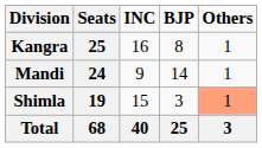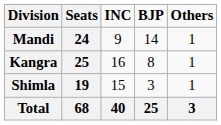 <table class="wikitable sortable" style="text-align:center;">
 <tr>
 <th>Division</th>
 <th>Seats</th>
 <td><span><strong>INC</strong></span></td>
 <td><span><strong>BJP</strong></span></td>
 <td><span><strong>Others</strong></span></td>
 </tr>
 <tr>
+<th>Mandi</th>
+<th>24</th>
+<td>9</td>
+<td style="background:">14</td>
+<td>1</td>
+</tr>
+<tr>
 <th>Kangra</th>
 <th>25</th>
 <td style="background:">16</td>
 <td>8</td>
 <td>1</td>
 </tr>
 <tr>
-<th>Mandi</th>
-<th>24</th>
-<td>9</td>
-<td style="background:">14</td>
-<td>1</td>
-</tr>
-<tr>
 <th>Shimla</th>
 <th>19</th>
 <td style="background:">15</td>
 <td>3</td>
-<td style="background: lightsalmon;">1</td>
+<td>1</td>
 </tr>
 <tr>
 <th>Total</th>
 <th>68</th>
 <th>40</th>
 <th>25</th>
 <th>3</th>
 </tr>
 </table>
